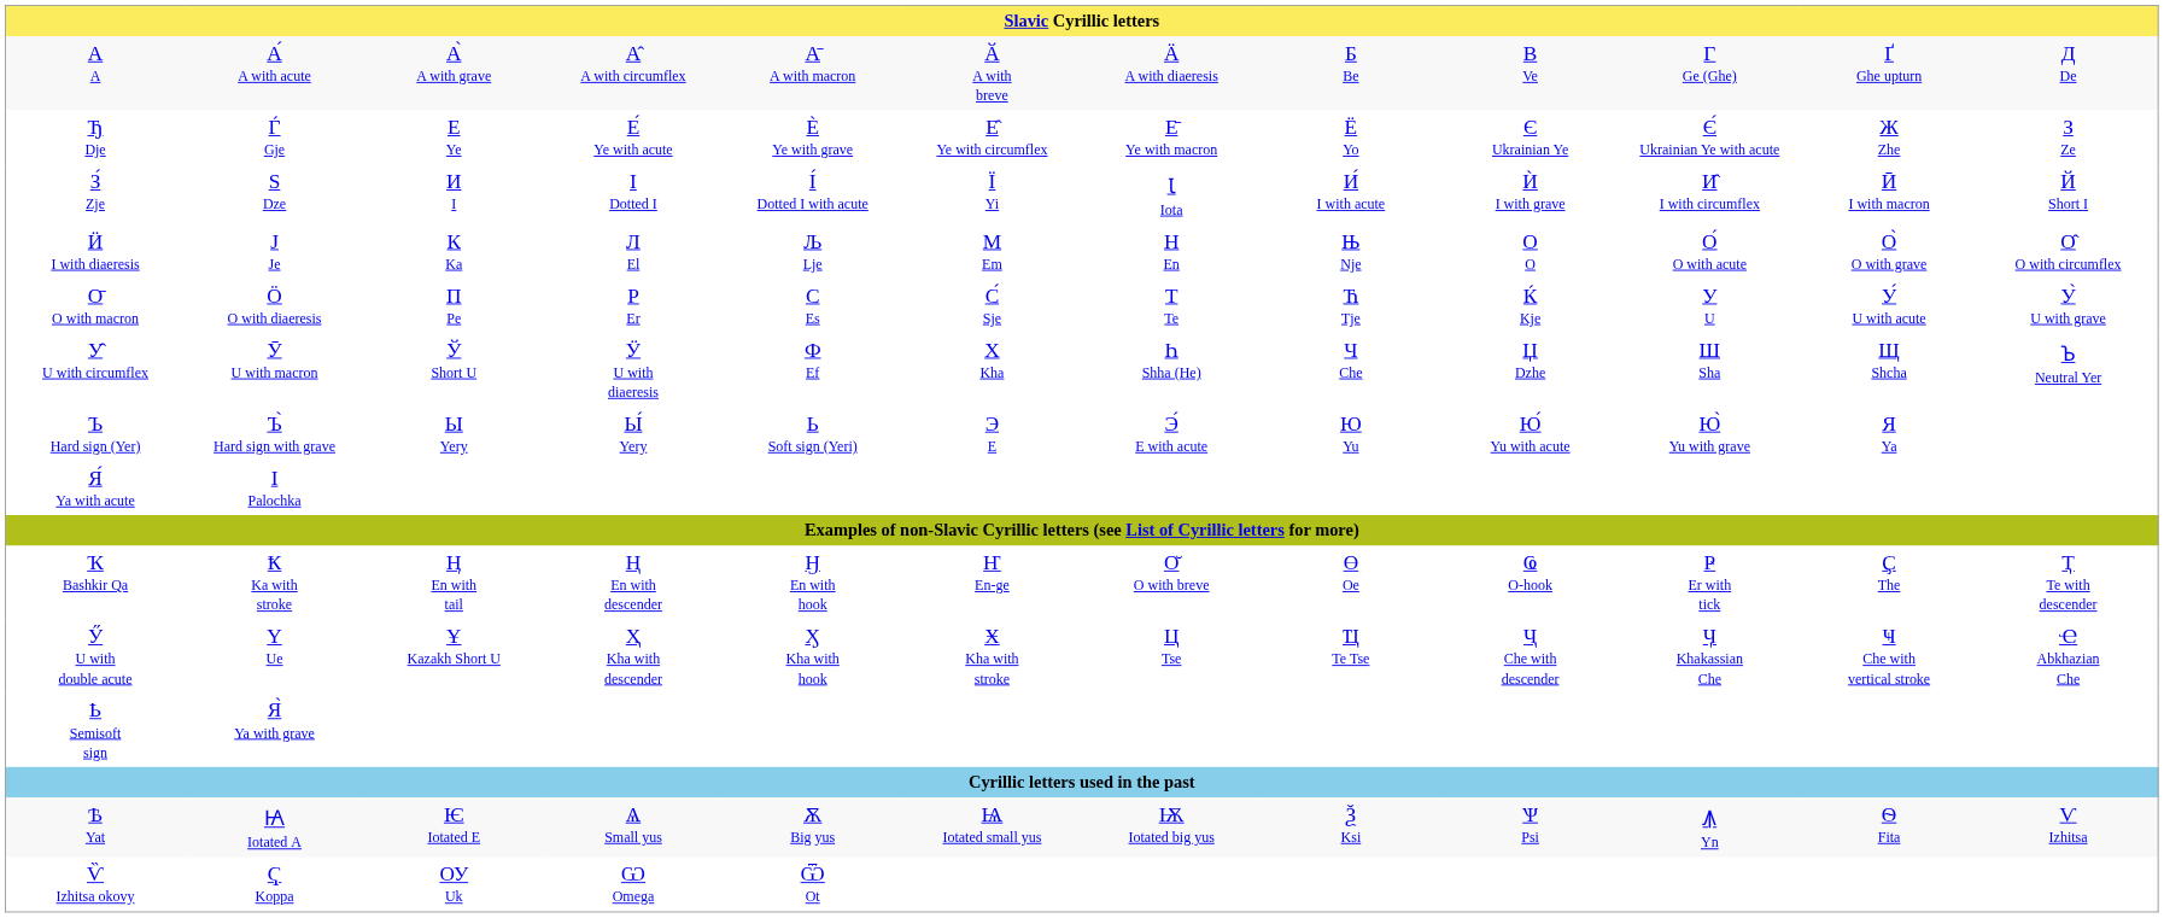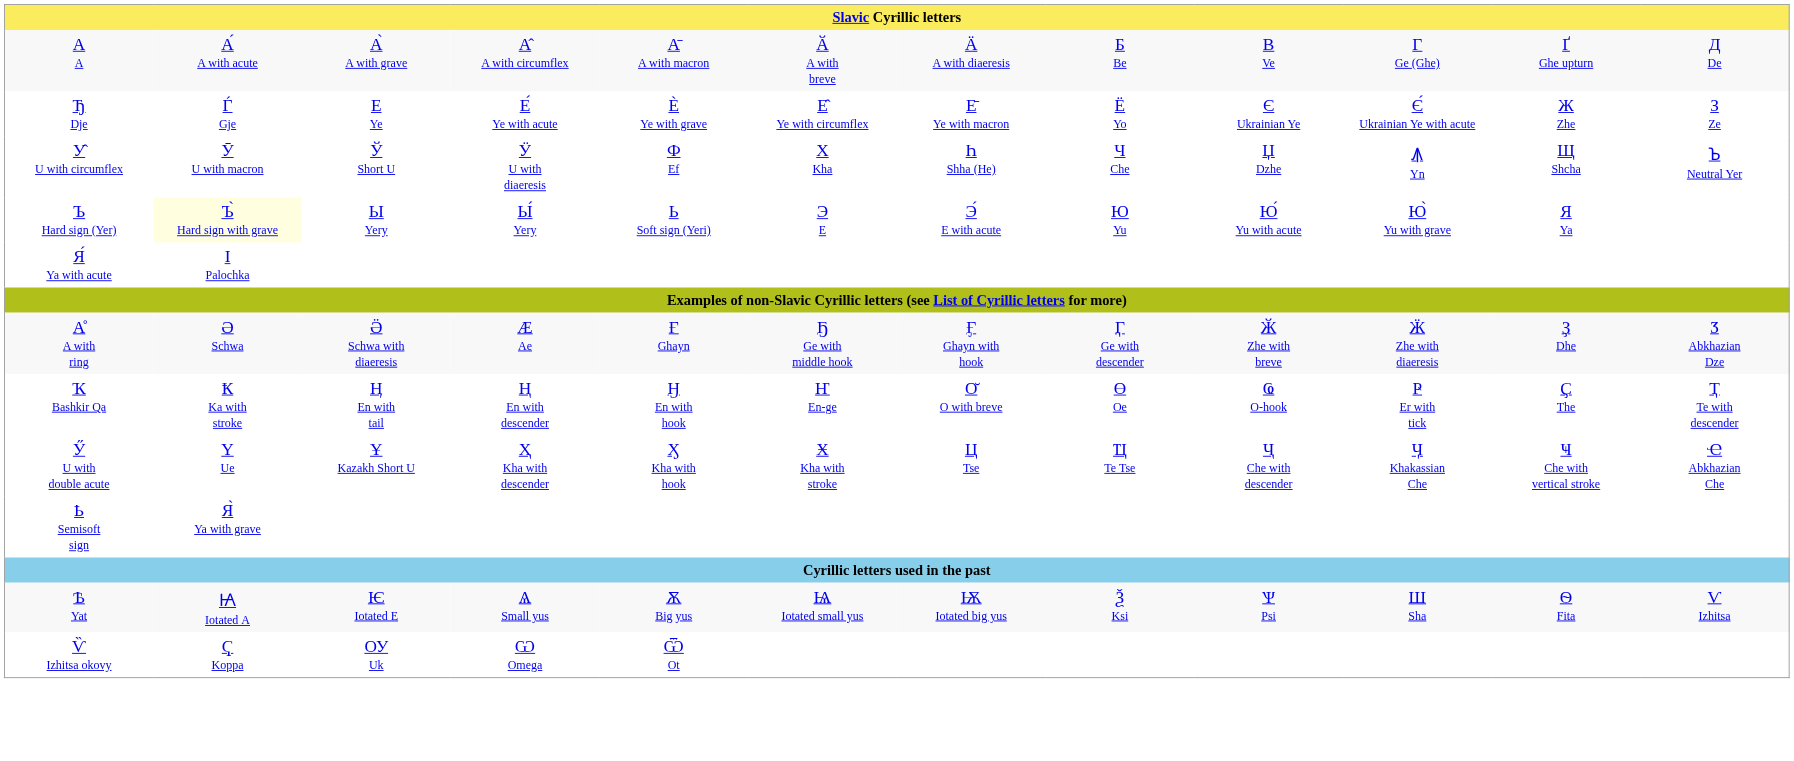 <table border="0" cellpadding="5" cellspacing="0" class="Unicode" style="vertical-align:top; border-collapse:collapse; border:1px solid #999; text-align:center; clear:both;">
 <tr>
 <th colspan=12 style="background-color:#fbec5d; font-family:inherit; font-weight:normal;"><strong><a href='#'>Slavic</a> Cyrillic letters</strong></th>
 </tr>
 <tr style="vertical-align:top; background:#f8f8f8;">
 <td style="width:7%;"><a href='#'><big>А</big><br><small>A</small></a></td>
 <td style="width:7%;"><a href='#'><big>А́</big><br><small>A with acute</small></a></td>
 <td style="width:7%;"><a href='#'><big>А̀</big><br><small>A with grave</small></a></td>
 <td style="width:7%;"><a href='#'><big>А̂</big><br><small>A with circumflex</small></a></td>
 <td style="width:7%;"><a href='#'><big>А̄</big><br><small>A with macron</small></a></td>
 <td style="width:7%;"><a href='#'><big>Ӑ</big><br><small>A with<br>breve</small></a></td>
 <td style="width:7%;"><a href='#'><big>Ӓ</big><br><small>A with diaeresis</small></a></td>
 <td style="width:7%;"><a href='#'><big>Б</big><br><small>Be</small></a></td>
 <td style="width:7%;"><a href='#'><big>В</big><br><small>Ve</small></a></td>
 <td style="width:7%;"><a href='#'><big>Г</big><br><small>Ge (Ghe)</small></a></td>
 <td style="width:7%;"><a href='#'><big>Ґ</big><br><small>Ghe upturn</small></a></td>
 <td style="width:7%;"><a href='#'><big>Д</big><br><small>De</small></a></td>
 </tr>
 <tr valign=top>
 <td style="width:7%;"><a href='#'><big>Ђ</big><br><small>Dje</small></a></td>
 <td style="width:7%;"><a href='#'><big>Ѓ</big><br><small>Gje</small></a></td>
 <td style="width:7%;"><a href='#'><big>Е</big><br><small>Ye</small></a></td>
 <td style="width:7%;"><a href='#'><big>Е́</big><br><small>Ye with acute</small></a></td>
 <td><a href='#'><big>Ѐ</big><br><small>Ye with grave</small></a></td>
 <td><a href='#'><big>Е̂</big><br><small>Ye with circumflex</small></a></td>
 <td><a href='#'><big>Е̄</big><br><small>Ye with macron</small></a></td>
 <td><a href='#'><big>Ё</big><br><small>Yo</small></a></td>
 <td><a href='#'><big>Є</big><br><small>Ukrainian Ye</small></a></td>
 <td><a href='#'><big>Є́</big><br><small>Ukrainian Ye with acute</small></a></td>
 <td><a href='#'><big>Ж</big><br><small>Zhe</small></a></td>
 <td><a href='#'><big>З</big><br><small>Ze</small></a></td>
 </tr>
 <tr valign=top>
-<td><a href='#'><big>З́</big><br><small>Zje</small></a></td>
-<td><a href='#'><big>Ѕ</big><br><small>Dze</small></a></td>
-<td><a href='#'><big>И</big><br><small>I</small></a></td>
-<td><a href='#'><big>І</big><br><small>Dotted I</small></a></td>
-<td><a href='#'><big>І́</big><br><small>Dotted I with acute</small></a></td>
-<td><a href='#'><big>Ї</big><br><small>Yi</small></a></td>
-<td><a href='#'><big>Ꙇ</big><br><small>Iota</small></a></td>
-<td><a href='#'><big>И́</big><br><small>I with acute</small></a></td>
-<td><a href='#'><big>Ѝ</big><br><small>I with grave</small></a></td>
-<td><a href='#'><big>И̂</big><br><small>I with circumflex</small></a></td>
-<td><a href='#'><big>Ӣ</big><br><small>I with macron</small></a></td>
-<td><a href='#'><big>Й</big><br><small>Short I</small></a></td>
-</tr>
-<tr valign=top>
-<td><a href='#'><big>Ӥ</big><br><small>I with diaeresis</small></a></td>
-<td><a href='#'><big>Ј</big><br><small>Je</small></a></td>
-<td><a href='#'><big>К</big><br><small>Ka</small></a></td>
-<td><a href='#'><big>Л</big><br><small>El</small></a></td>
-<td><a href='#'><big>Љ</big><br><small>Lje</small></a></td>
-<td><a href='#'><big>М</big><br><small>Em</small></a></td>
-<td><a href='#'><big>Н</big><br><small>En</small></a></td>
-<td><a href='#'><big>Њ</big><br><small>Nje</small></a></td>
-<td><a href='#'><big>О</big><br><small>O</small></a></td>
-<td><a href='#'><big>О́</big><br><small>O with acute</small></a></td>
-<td><a href='#'><big>О̀</big><br><small>O with grave</small></a></td>
-<td><a href='#'><big>О̂</big><br><small>O with circumflex</small></a></td>
-</tr>
-<tr valign=top>
-<td><a href='#'><big>О̄</big><br><small>O with macron</small></a></td>
-<td><a href='#'><big>Ӧ</big><br><small>O with diaeresis</small></a></td>
-<td><a href='#'><big>П</big><br><small>Pe</small></a></td>
-<td><a href='#'><big>Р</big><br><small>Er</small></a></td>
-<td><a href='#'><big>С</big><br><small>Es</small></a></td>
-<td><a href='#'><big>С́</big><br><small>Sje</small></a></td>
-<td><a href='#'><big>Т</big><br><small>Te</small></a></td>
-<td><a href='#'><big>Ћ</big><br><small>Tje</small></a></td>
-<td><a href='#'><big>Ќ</big><br><small>Kje</small></a></td>
-<td><a href='#'><big>У</big><br><small>U</small></a></td>
-<td><a href='#'><big>У́</big><br><small>U with acute</small></a></td>
-<td><a href='#'><big>У̀</big><br><small>U with grave</small></a></td>
-</tr>
-<tr valign=top>
 <td><a href='#'><big>У̂</big><br><small>U with circumflex</small></a></td>
 <td><a href='#'><big>Ӯ</big><br><small>U with macron</small></a></td>
 <td><a href='#'><big>Ў</big><br><small>Short U</small></a></td>
 <td><a href='#'><big>Ӱ</big><br><small>U with<br>diaeresis</small></a></td>
 <td><a href='#'><big>Ф</big><br><small>Ef</small></a></td>
 <td><a href='#'><big>Х</big><br><small>Kha</small></a></td>
 <td><a href='#'><big>Һ</big><br><small>Shha (He)</small></a></td>
 <td><a href='#'><big>Ч</big><br><small>Che</small></a></td>
 <td><a href='#'><big>Џ</big><br><small>Dzhe</small></a></td>
-<td><a href='#'><big>Ш</big><br><small>Sha</small></a></td>
+<td><a href='#'><big>Ꙟ</big><br><small>Yn</small></a></td>
 <td><a href='#'><big>Щ</big><br><small>Shcha</small></a></td>
 <td><a href='#'><big>Ꙏ</big><br><small>Neutral Yer</small></a></td>
 </tr>
 <tr valign=top>
 <td><a href='#'><big>Ъ</big><br><small>Hard sign (Yer)</small></a></td>
-<td><a href='#'><big>Ъ̀</big><br><small>Hard sign with grave</small></a></td>
+<td style="background: lightyellow;"><a href='#'><big>Ъ̀</big><br><small>Hard sign with grave</small></a></td>
 <td><a href='#'><big>Ы</big><br><small>Yery</small></a></td>
 <td><a href='#'><big>Ы́</big><br><small>Yery</small></a></td>
 <td><a href='#'><big>Ь</big><br><small>Soft sign (Yeri)</small></a></td>
 <td><a href='#'><big>Э</big><br><small>E</small></a></td>
 <td><a href='#'><big>Э́</big><br><small>E with acute</small></a></td>
 <td><a href='#'><big>Ю</big><br><small>Yu</small></a></td>
 <td><a href='#'><big>Ю́</big><br><small>Yu with acute</small></a></td>
 <td><a href='#'><big>Ю̀</big><br><small>Yu with grave</small></a></td>
 <td><a href='#'><big>Я</big><br><small>Ya</small></a></td>
 </tr>
 <tr valign=top>
 <td><a href='#'><big>Я́</big><br><small>Ya with acute</small></a></td>
 <td><a href='#'><big>Ӏ</big><br><small>Palochka</small></a></td>
 </tr>
 <tr valign=top>
 <td colspan=12 style="background-color:#b0bf1a; font-family:inherit; font-weight:normal;"><strong>Examples of non-Slavic Cyrillic letters (see <a href='#'>List of Cyrillic letters</a> for more)</strong></td>
+</tr>
+<tr style="vertical-align:top; background:#f8f8f8;">
+<td><a href='#'><big>А̊</big><br><small>A with<br>ring</small></a></td>
+<td><a href='#'><big>Ә</big><br><small>Schwa</small></a></td>
+<td><a href='#'><big>Ӛ</big><br><small>Schwa with<br>diaeresis</small></a></td>
+<td><a href='#'><big>Ӕ</big><br><small>Ae</small></a></td>
+<td><a href='#'><big>Ғ</big><br><small>Ghayn</small></a></td>
+<td><a href='#'><big>Ҕ</big><br><small>Ge with<br>middle hook</small></a></td>
+<td><a href='#'><big>Ӻ</big><br><small>Ghayn with<br>hook</small></a></td>
+<td><a href='#'><big>Ӷ</big><br><small>Ge with<br>descender</small></a></td>
+<td><a href='#'><big>Ӂ</big><br><small>Zhe with<br>breve</small></a></td>
+<td><a href='#'><big>Ӝ</big><br><small>Zhe with<br>diaeresis</small></a></td>
+<td><a href='#'><big>Ҙ</big><br><small>Dhe</small></a></td>
+<td><a href='#'><big>Ӡ</big><br><small>Abkhazian<br>Dze</small></a></td>
 </tr>
 <tr valign=top>
 <td><a href='#'><big>Ҡ</big><br><small>Bashkir Qa</small></a></td>
 <td><a href='#'><big>Ҟ</big><br><small>Ka with<br>stroke</small></a></td>
 <td><a href='#'><big>Ӊ</big><br><small>En with<br>tail</small></a></td>
 <td><a href='#'><big>Ң</big><br><small>En with<br>descender</small></a></td>
 <td><a href='#'><big>Ӈ</big><br><small>En with<br>hook</small></a></td>
 <td><a href='#'><big>Ҥ</big><br><small>En-ge</small></a></td>
 <td><a href='#'><big>О̆</big><br><small>O with breve</small></a></td>
 <td><a href='#'><big>Ө</big><br><small>Oe</small></a></td>
 <td><a href='#'><big>Ҩ</big><br><small>O-hook</small></a></td>
 <td><a href='#'><big>Ҏ</big><br><small>Er with<br>tick</small></a></td>
 <td><a href='#'><big>Ҫ</big><br><small>The</small></a></td>
 <td><a href='#'><big>Ҭ</big><br><small>Te with<br>descender</small></a></td>
 </tr>
 <tr valign=top>
 <td><a href='#'><big>Ӳ</big><br><small>U with<br>double acute</small></a></td>
 <td><a href='#'><big>Ү</big><br><small>Ue</small></a></td>
 <td><a href='#'><big>Ұ</big><br><small>Kazakh Short U</small></a></td>
 <td><a href='#'><big>Ҳ</big><br><small>Kha with<br>descender</small></a></td>
 <td><a href='#'><big>Ӽ</big><br><small>Kha with<br>hook</small></a></td>
 <td><a href='#'><big>Ӿ</big><br><small>Kha with<br>stroke</small></a></td>
 <td><a href='#'><big>Ц</big><br><small>Tse</small></a></td>
 <td><a href='#'><big>Ҵ</big><br><small>Te Tse</small></a></td>
 <td><a href='#'><big>Ҷ</big><br><small>Che with<br>descender</small></a></td>
 <td><a href='#'><big>Ӌ</big><br><small>Khakassian<br>Che</small></a></td>
 <td><a href='#'><big>Ҹ</big><br><small>Che with<br>vertical stroke</small></a></td>
 <td><a href='#'><big>Ҽ</big><br><small>Abkhazian<br>Che</small></a></td>
 </tr>
 <tr valign=top>
 <td><a href='#'><big>Ҍ</big><br><small>Semisoft<br>sign</small></a></td>
 <td><a href='#'><big>Я̀</big><br><small>Ya with grave</small></a></td>
 </tr>
 <tr valign=top>
 <td colspan=12 style="background-color:#87ceeb;font-family:inherit; font-weight:normal;"><strong>Cyrillic letters used in the past</strong></td>
 </tr>
 <tr style="vertical-align:top; background:#f8f8f8;">
 <td><a href='#'><big>Ѣ</big><br><small>Yat</small></a></td>
 <td><a href='#'><big>Ꙗ</big><br><small>Iotated A</small></a></td>
 <td><a href='#'><big>Ѥ</big><br><small>Iotated E</small></a></td>
 <td><a href='#'><big>Ѧ</big><br><small>Small yus</small></a></td>
 <td><a href='#'><big>Ѫ</big><br><small>Big yus</small></a></td>
 <td><a href='#'><big>Ѩ</big><br><small>Iotated small yus</small></a></td>
 <td><a href='#'><big>Ѭ</big><br><small>Iotated big yus</small></a></td>
 <td><a href='#'><big>Ѯ</big><br><small>Ksi</small></a></td>
 <td><a href='#'><big>Ѱ</big><br><small>Psi</small></a></td>
-<td><a href='#'><big>Ꙟ</big><br><small>Yn</small></a></td>
+<td><a href='#'><big>Ш</big><br><small>Sha</small></a></td>
 <td><a href='#'><big>Ѳ</big><br><small>Fita</small></a></td>
 <td><a href='#'><big>Ѵ</big><br><small>Izhitsa</small></a></td>
 </tr>
 <tr valign=top>
 <td><a href='#'><big>Ѷ</big><br><small>Izhitsa okovy</small></a></td>
 <td><a href='#'><big>Ҁ</big><br><small>Koppa</small></a></td>
 <td><a href='#'><big>ОУ</big><br><small>Uk</small></a></td>
 <td><a href='#'><big>Ѡ</big><br><small>Omega</small></a></td>
 <td><a href='#'><big>Ѿ</big><br><small>Ot</small></a></td>
 </tr>
 </table>
